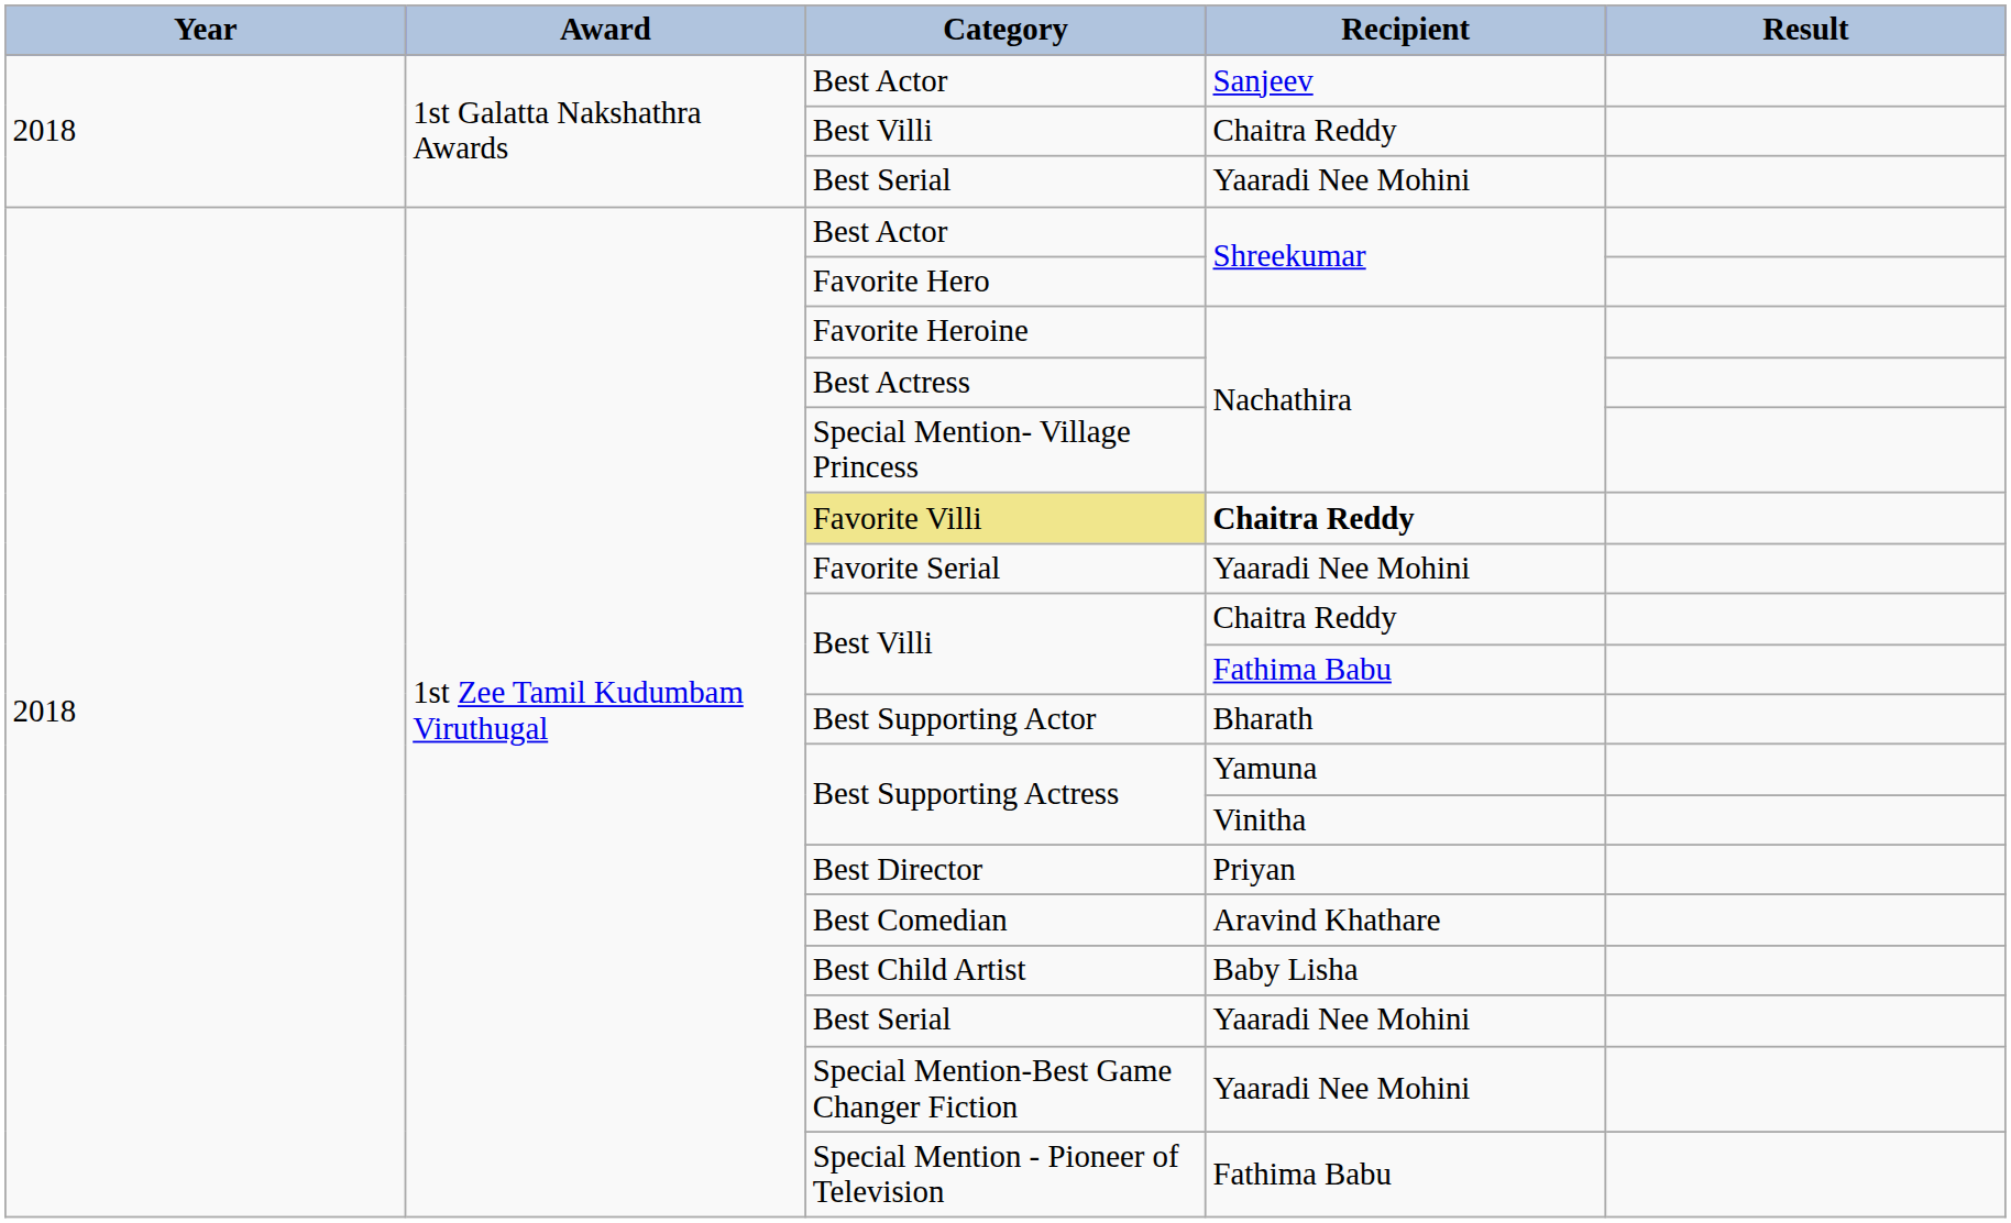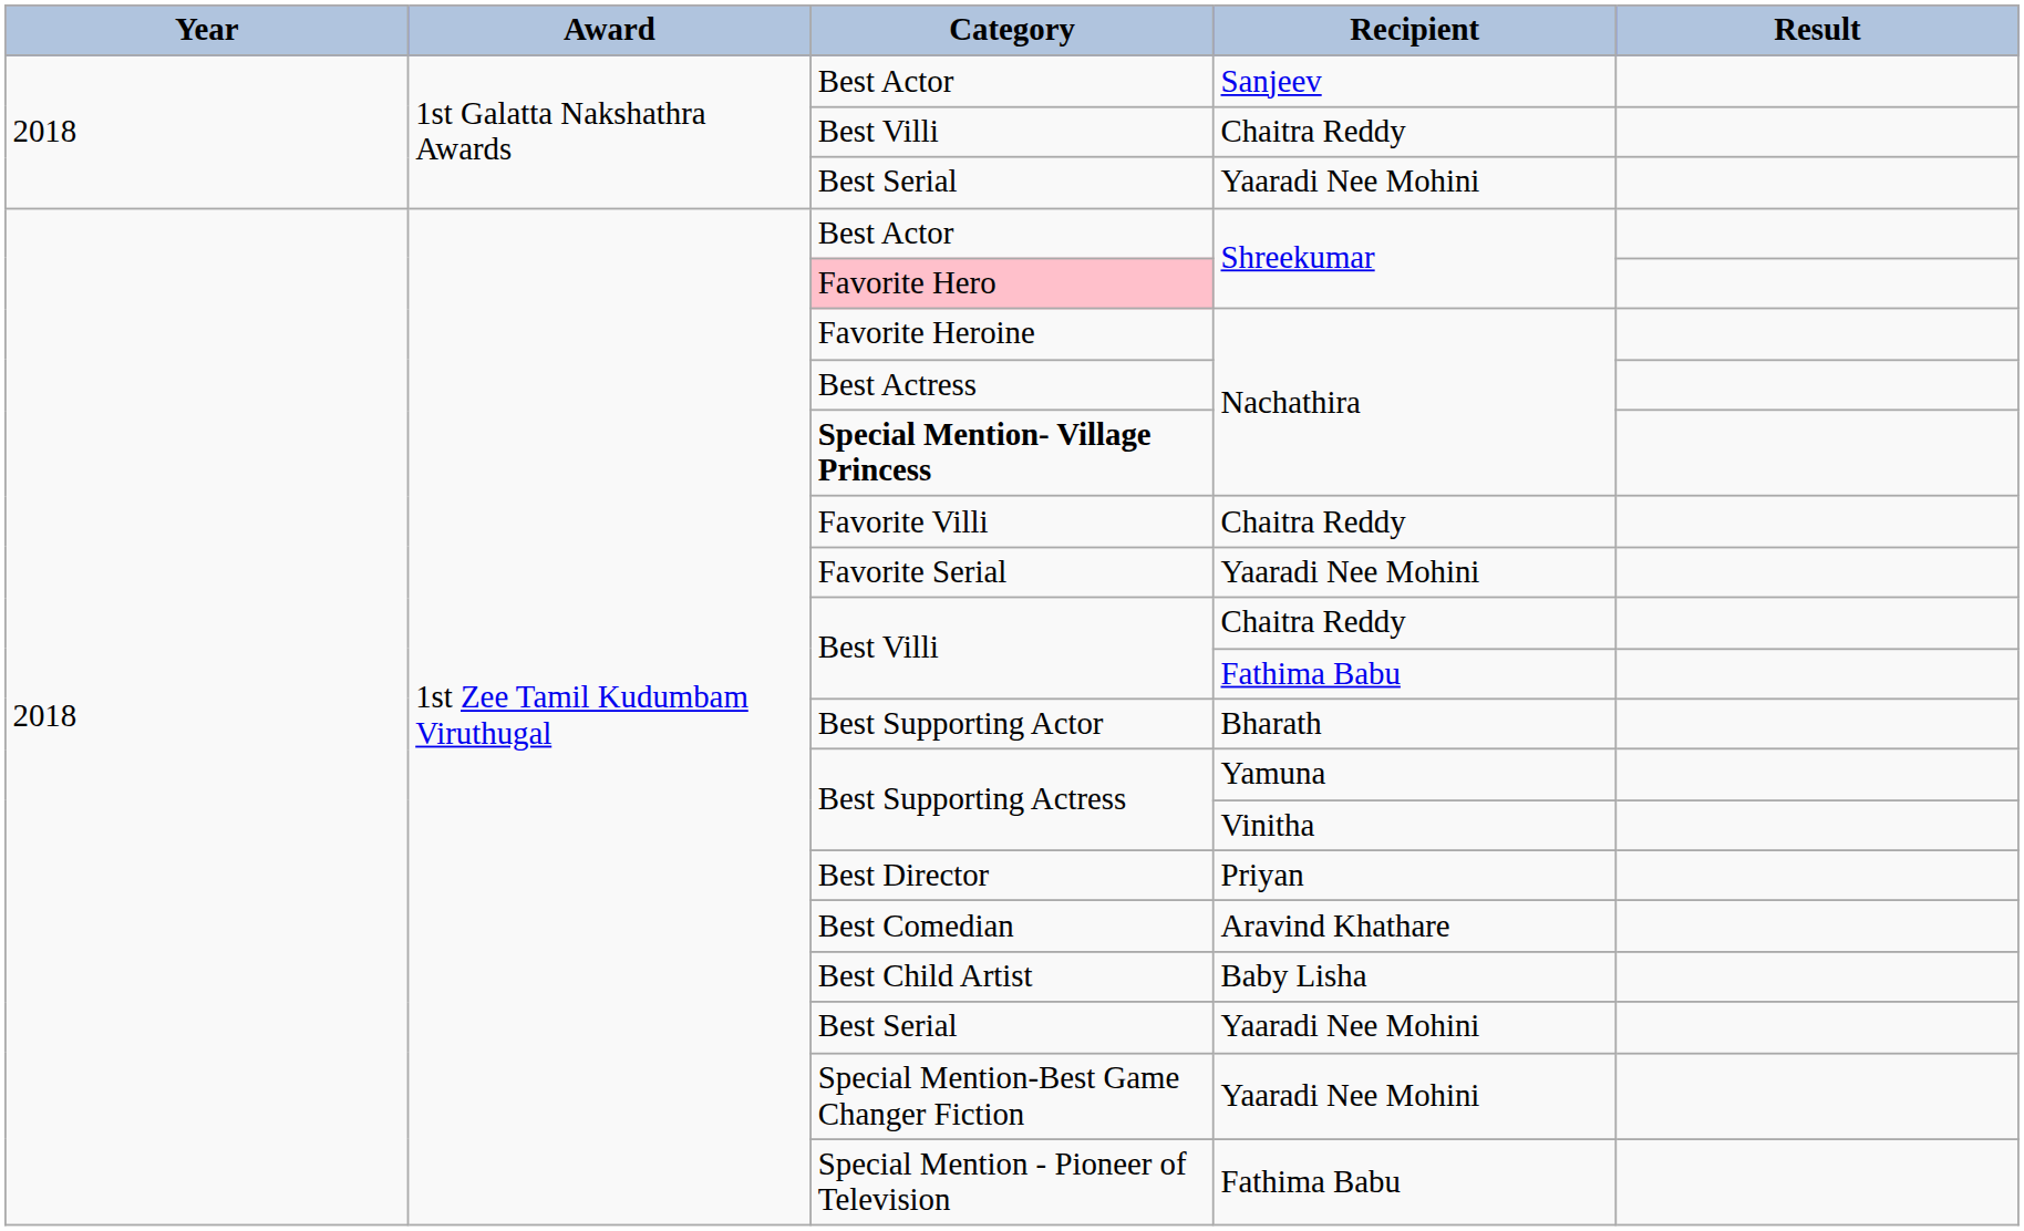 <table class="wikitable" width="80%">
 <tr bgcolor="blue">
 <th style="width:100pt; background:LightSteelBlue;">Year</th>
 <th style="width:100pt; background:LightSteelBlue;">Award</th>
 <th style="width:100pt; background:LightSteelBlue;">Category</th>
 <th style="width:100pt; background:LightSteelBlue;">Recipient</th>
 <th style="width:100pt; background:LightSteelBlue;">Result</th>
 </tr>
 <tr>
 <td rowspan="3">2018</td>
 <td rowspan="3">1st Galatta Nakshathra Awards</td>
 <td>Best Actor</td>
 <td><a href='#'>Sanjeev</a></td>
 <td></td>
 </tr>
 <tr>
 <td>Best Villi</td>
 <td>Chaitra Reddy</td>
 <td></td>
 </tr>
 <tr>
 <td>Best Serial</td>
 <td>Yaaradi Nee Mohini</td>
 <td></td>
 </tr>
 <tr>
 <td rowspan="18">2018</td>
 <td rowspan="18">1st <a href='#'>Zee Tamil Kudumbam Viruthugal</a></td>
 <td>Best Actor</td>
 <td rowspan="2"><a href='#'>Shreekumar</a></td>
 <td></td>
 </tr>
 <tr>
-<td>Favorite Hero</td>
+<td style="background: pink;">Favorite Hero</td>
 <td></td>
 </tr>
 <tr>
 <td>Favorite Heroine</td>
 <td rowspan="3">Nachathira</td>
 <td></td>
 </tr>
 <tr>
 <td>Best Actress</td>
 <td></td>
 </tr>
 <tr>
-<td>Special Mention- Village Princess</td>
+<td><strong>Special Mention- Village Princess</strong></td>
 <td></td>
 </tr>
 <tr>
-<td style="background: khaki;">Favorite Villi</td>
-<td><strong>Chaitra Reddy</strong></td>
+<td>Favorite Villi</td>
+<td>Chaitra Reddy</td>
 <td></td>
 </tr>
 <tr>
 <td>Favorite Serial</td>
 <td>Yaaradi Nee Mohini</td>
 <td></td>
 </tr>
 <tr>
 <td rowspan="2">Best Villi</td>
 <td>Chaitra Reddy</td>
 <td></td>
 </tr>
 <tr>
 <td><a href='#'>Fathima Babu</a></td>
 <td></td>
 </tr>
 <tr>
 <td>Best Supporting Actor</td>
 <td>Bharath</td>
 <td></td>
 </tr>
 <tr>
 <td rowspan="2">Best Supporting Actress</td>
 <td>Yamuna</td>
 <td></td>
 </tr>
 <tr>
 <td>Vinitha</td>
 <td></td>
 </tr>
 <tr>
 <td>Best Director</td>
 <td>Priyan</td>
 <td></td>
 </tr>
 <tr>
 <td>Best Comedian</td>
 <td>Aravind Khathare</td>
 <td></td>
 </tr>
 <tr>
 <td>Best Child Artist</td>
 <td>Baby Lisha</td>
 <td></td>
 </tr>
 <tr>
 <td>Best Serial</td>
 <td>Yaaradi Nee Mohini</td>
 <td></td>
 </tr>
 <tr>
 <td>Special Mention-Best Game Changer Fiction</td>
 <td>Yaaradi Nee Mohini</td>
 <td></td>
 </tr>
 <tr>
 <td>Special Mention - Pioneer of Television</td>
 <td>Fathima Babu</td>
 <td></td>
 </tr>
 </table>
